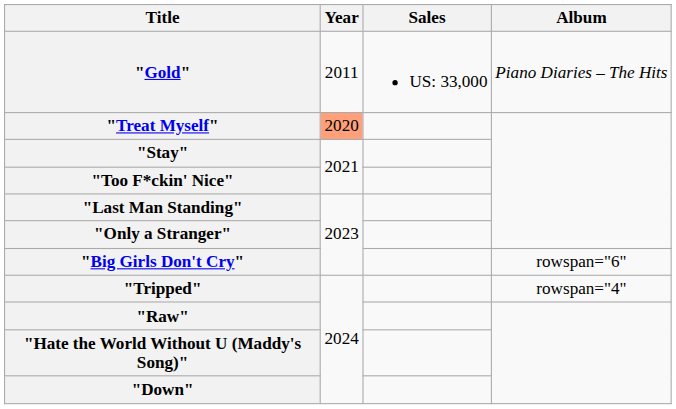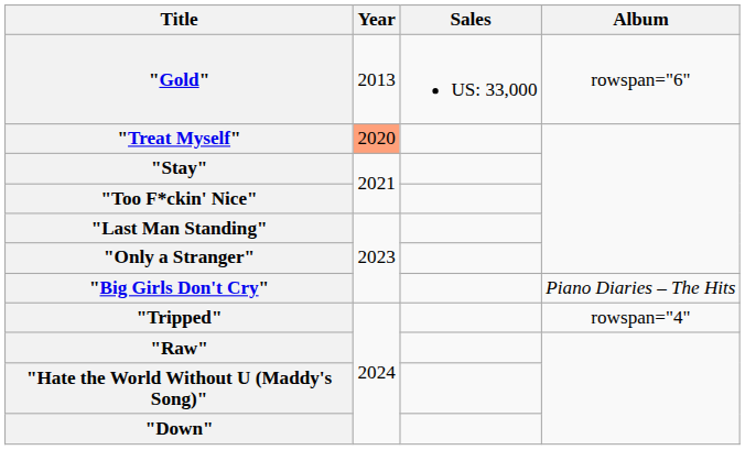 <table class="wikitable plainrowheaders" style="text-align:center;">
 <tr>
 <th scope="col" style="width:18em;">Title</th>
 <th scope="col">Year</th>
 <th scope="col">Sales</th>
 <th scope="col">Album</th>
 </tr>
 <tr>
 <th scope="row">"<a href='#'>Gold</a>"</th>
-<td>2011</td>
+<td>2013</td>
 <td><br><ul><li>US: 33,000</li></ul></td>
-<td><em>Piano Diaries – The Hits</em></td>
+<td>rowspan="6" </td>
 </tr>
 <tr>
 <th scope="row">"<a href='#'>Treat Myself</a>"</th>
 <td style="background: lightsalmon;">2020</td>
 <td></td>
 </tr>
 <tr>
 <th scope="row">"Stay"</th>
 <td rowspan="2">2021</td>
 <td></td>
 </tr>
 <tr>
 <th scope="row">"Too F*ckin' Nice"</th>
 <td></td>
 </tr>
 <tr>
 <th scope="row">"Last Man Standing"</th>
 <td rowspan="3">2023</td>
 <td></td>
 </tr>
 <tr>
 <th scope="row">"Only a Stranger"</th>
 <td></td>
 </tr>
 <tr>
 <th scope="row">"<a href='#'>Big Girls Don't Cry</a>"<br></th>
 <td></td>
-<td>rowspan="6" </td>
+<td><em>Piano Diaries – The Hits</em></td>
 </tr>
 <tr>
 <th scope="row">"Tripped"</th>
 <td rowspan="4">2024</td>
 <td></td>
 <td>rowspan="4" </td>
 </tr>
 <tr>
 <th scope="row">"Raw"</th>
 <td></td>
 </tr>
 <tr>
 <th scope="row">"Hate the World Without U (Maddy's Song)"</th>
 <td></td>
 </tr>
 <tr>
 <th scope="row">"Down"</th>
 <td></td>
 </tr>
 </table>
